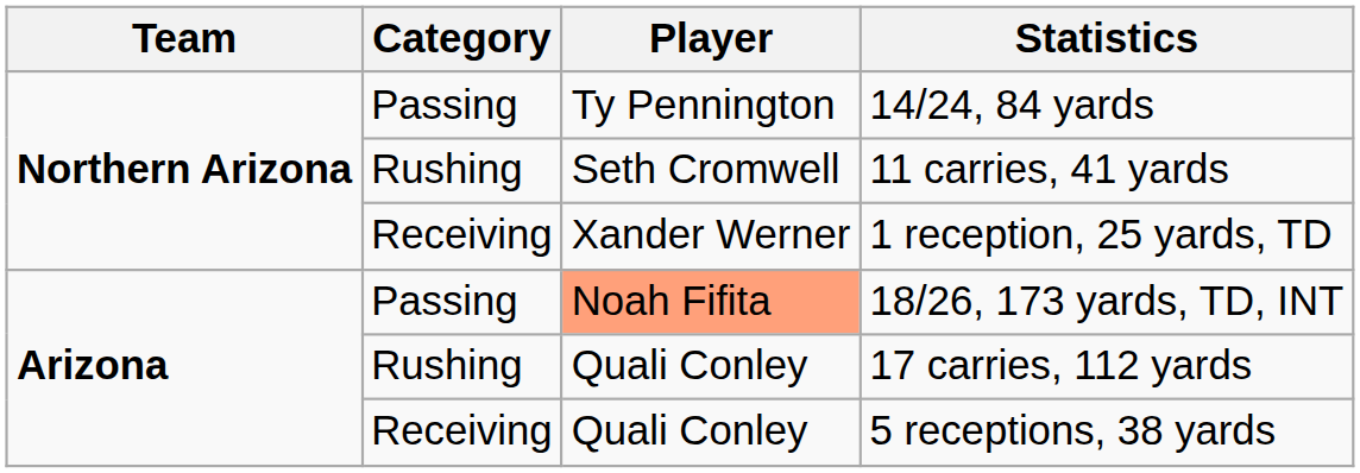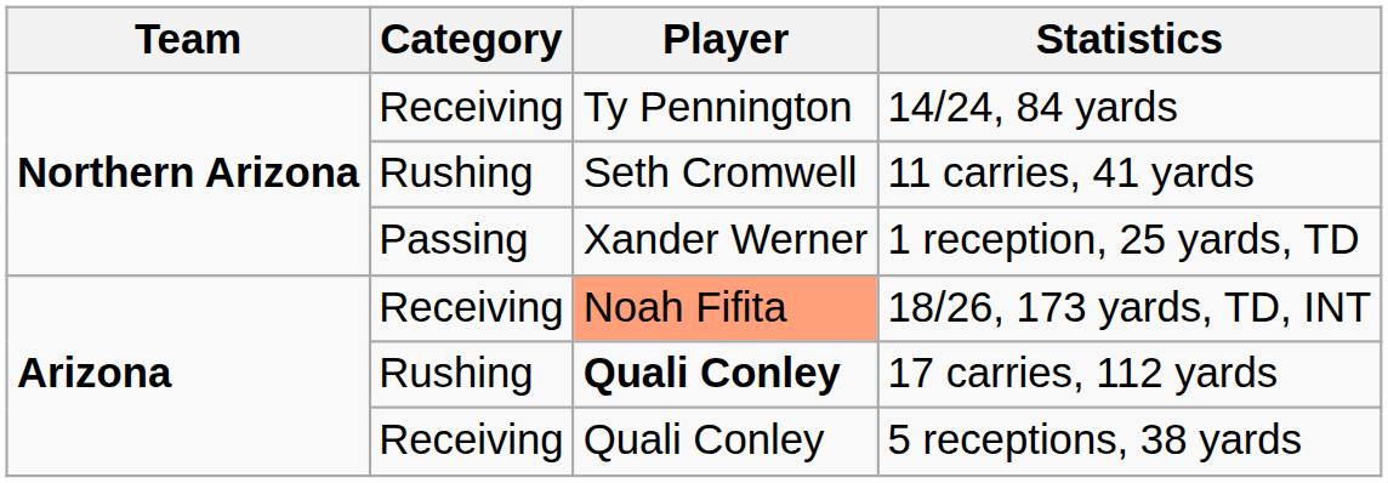 <table class="wikitable" style="float: right;">
 <tr>
 <th>Team</th>
 <th>Category</th>
 <th>Player</th>
 <th>Statistics</th>
 </tr>
 <tr>
 <td rowspan=3><strong>Northern Arizona</strong></td>
-<td>Passing</td>
+<td>Receiving</td>
 <td>Ty Pennington</td>
 <td>14/24, 84 yards</td>
 </tr>
 <tr>
 <td>Rushing</td>
 <td>Seth Cromwell</td>
 <td>11 carries, 41 yards</td>
 </tr>
 <tr>
-<td>Receiving</td>
+<td>Passing</td>
 <td>Xander Werner</td>
 <td>1 reception, 25 yards, TD</td>
 </tr>
 <tr>
 <td rowspan=3><strong>Arizona</strong></td>
-<td>Passing</td>
+<td>Receiving</td>
 <td style="background: lightsalmon;">Noah Fifita</td>
 <td>18/26, 173 yards, TD, INT</td>
 </tr>
 <tr>
 <td>Rushing</td>
-<td>Quali Conley</td>
+<td><strong>Quali Conley</strong></td>
 <td>17 carries, 112 yards</td>
 </tr>
 <tr>
 <td>Receiving</td>
 <td>Quali Conley</td>
 <td>5 receptions, 38 yards</td>
 </tr>
 </table>
